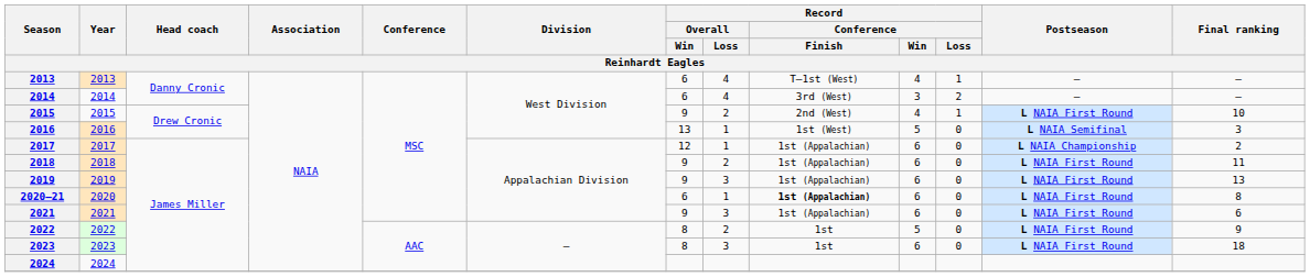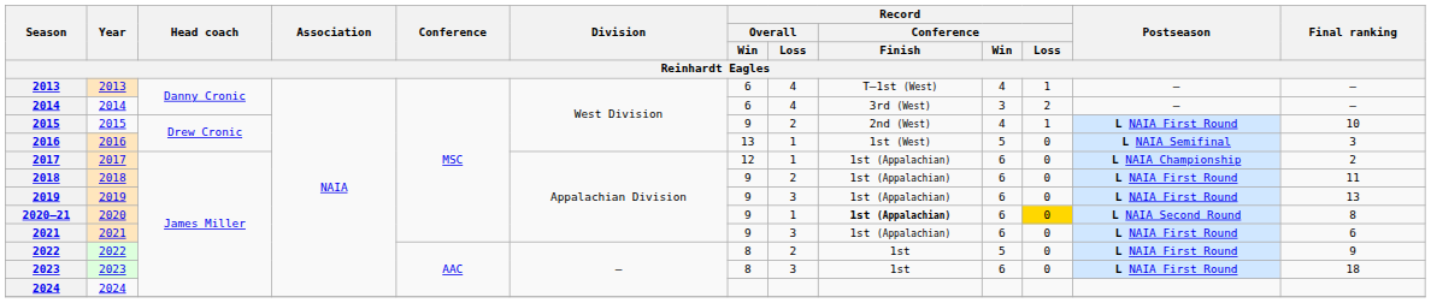 <table class="wikitable" style="font-size: 95%; width:98%;text-align:center;">
 <tr>
 <th rowspan="3">Season</th>
 <th rowspan="3">Year</th>
 <th rowspan="3">Head coach</th>
 <th rowspan="3">Association</th>
 <th rowspan="3">Conference</th>
 <th rowspan="3">Division</th>
 <th colspan="5">Record</th>
 <th rowspan="3">Postseason</th>
 <th rowspan="3">Final ranking</th>
 </tr>
 <tr>
 <th colspan="2">Overall</th>
 <th colspan="3">Conference</th>
 </tr>
 <tr>
 <th>Win</th>
 <th>Loss</th>
 <th>Finish</th>
 <th>Win</th>
 <th>Loss</th>
 </tr>
 <tr>
 <th colspan="15">Reinhardt Eagles</th>
 </tr>
 <tr>
 <th><a href='#'>2013</a></th>
 <td bgcolor="#ffe6bd"><a href='#'>2013</a></td>
 <td rowspan="2"><a href='#'>Danny Cronic</a></td>
 <td rowspan="12"><a href='#'>NAIA</a></td>
 <td rowspan="9"><a href='#'>MSC</a></td>
 <td rowspan="4">West Division</td>
 <td>6</td>
 <td>4</td>
 <td>T–1st <small>(West)</small></td>
 <td>4</td>
 <td>1</td>
 <td>—</td>
 <td>—</td>
 </tr>
 <tr>
 <th><a href='#'>2014</a></th>
 <td><a href='#'>2014</a></td>
 <td>6</td>
 <td>4</td>
 <td>3rd <small>(West)</small></td>
 <td>3</td>
 <td>2</td>
 <td>—</td>
 <td>—</td>
 </tr>
 <tr>
 <th><a href='#'>2015</a></th>
 <td><a href='#'>2015</a></td>
 <td rowspan="2"><a href='#'>Drew Cronic</a></td>
 <td>9</td>
 <td>2</td>
 <td>2nd <small>(West)</small></td>
 <td>4</td>
 <td>1</td>
 <td bgcolor="#d0e7ff"><strong>L</strong> <a href='#'>NAIA First Round</a></td>
 <td>10</td>
 </tr>
 <tr>
 <th><a href='#'>2016</a></th>
 <td bgcolor="#ffe6bd"><a href='#'>2016</a></td>
 <td>13</td>
 <td>1</td>
 <td>1st <small>(West)</small></td>
 <td>5</td>
 <td>0</td>
 <td bgcolor="#d0e7ff"><strong>L</strong> <a href='#'>NAIA Semifinal</a></td>
 <td>3</td>
 </tr>
 <tr>
 <th><a href='#'>2017</a></th>
 <td bgcolor="#ffe6bd"><a href='#'>2017</a></td>
 <td rowspan="8"><a href='#'>James Miller</a></td>
 <td rowspan="5">Appalachian Division</td>
 <td>12</td>
 <td>1</td>
 <td>1st <small>(Appalachian)</small></td>
 <td>6</td>
 <td>0</td>
 <td bgcolor="#d0e7ff"><strong>L</strong> <a href='#'>NAIA Championship</a></td>
 <td>2</td>
 </tr>
 <tr>
 <th><a href='#'>2018</a></th>
 <td bgcolor="#ffe6bd"><a href='#'>2018</a></td>
 <td>9</td>
 <td>2</td>
 <td>1st <small>(Appalachian)</small></td>
 <td>6</td>
 <td>0</td>
 <td bgcolor="#d0e7ff"><strong>L</strong> <a href='#'>NAIA First Round</a></td>
 <td>11</td>
 </tr>
 <tr>
 <th><a href='#'>2019</a></th>
 <td bgcolor="#ffe6bd"><a href='#'>2019</a></td>
 <td>9</td>
 <td>3</td>
 <td>1st <small>(Appalachian)</small></td>
 <td>6</td>
 <td>0</td>
 <td bgcolor="#d0e7ff"><strong>L</strong> <a href='#'>NAIA First Round</a></td>
 <td>13</td>
 </tr>
 <tr>
 <th><a href='#'>2020–21</a></th>
 <td bgcolor="#ffe6bd"><a href='#'>2020</a></td>
-<td>6</td>
+<td>9</td>
 <td>1</td>
 <td><strong>1st <small>(Appalachian)</small></strong></td>
 <td>6</td>
-<td>0</td>
-<td bgcolor="#d0e7ff"><strong>L</strong> <a href='#'>NAIA First Round</a></td>
+<td style="background: gold;">0</td>
+<td bgcolor="#d0e7ff"><strong>L</strong> <a href='#'>NAIA Second Round</a></td>
 <td>8</td>
 </tr>
 <tr>
 <th><a href='#'>2021</a></th>
 <td bgcolor="#ffe6bd"><a href='#'>2021</a></td>
 <td>9</td>
 <td>3</td>
 <td>1st <small>(Appalachian)</small></td>
 <td>6</td>
 <td>0</td>
 <td bgcolor="#d0e7ff"><strong>L</strong> <a href='#'>NAIA First Round</a></td>
 <td>6</td>
 </tr>
 <tr>
 <th><a href='#'>2022</a></th>
 <td bgcolor="#ddffdd"><a href='#'>2022</a></td>
 <td rowspan="3"><a href='#'>AAC</a></td>
 <td rowspan="3">—</td>
 <td>8</td>
 <td>2</td>
 <td>1st</td>
 <td>5</td>
 <td>0</td>
 <td bgcolor="#d0e7ff"><strong>L</strong> <a href='#'>NAIA First Round</a></td>
 <td>9</td>
 </tr>
 <tr>
 <th><a href='#'>2023</a></th>
 <td bgcolor="#ddffdd"><a href='#'>2023</a></td>
 <td>8</td>
 <td>3</td>
 <td>1st</td>
 <td>6</td>
 <td>0</td>
 <td bgcolor="#d0e7ff"><strong>L</strong> <a href='#'>NAIA First Round</a></td>
 <td>18</td>
 </tr>
 <tr>
 <th><a href='#'>2024</a></th>
 <td><a href='#'>2024</a></td>
 <td></td>
 <td></td>
 <td></td>
 <td></td>
 <td></td>
 <td></td>
 <td></td>
 </tr>
 <tr>
 </tr>
 </table>
